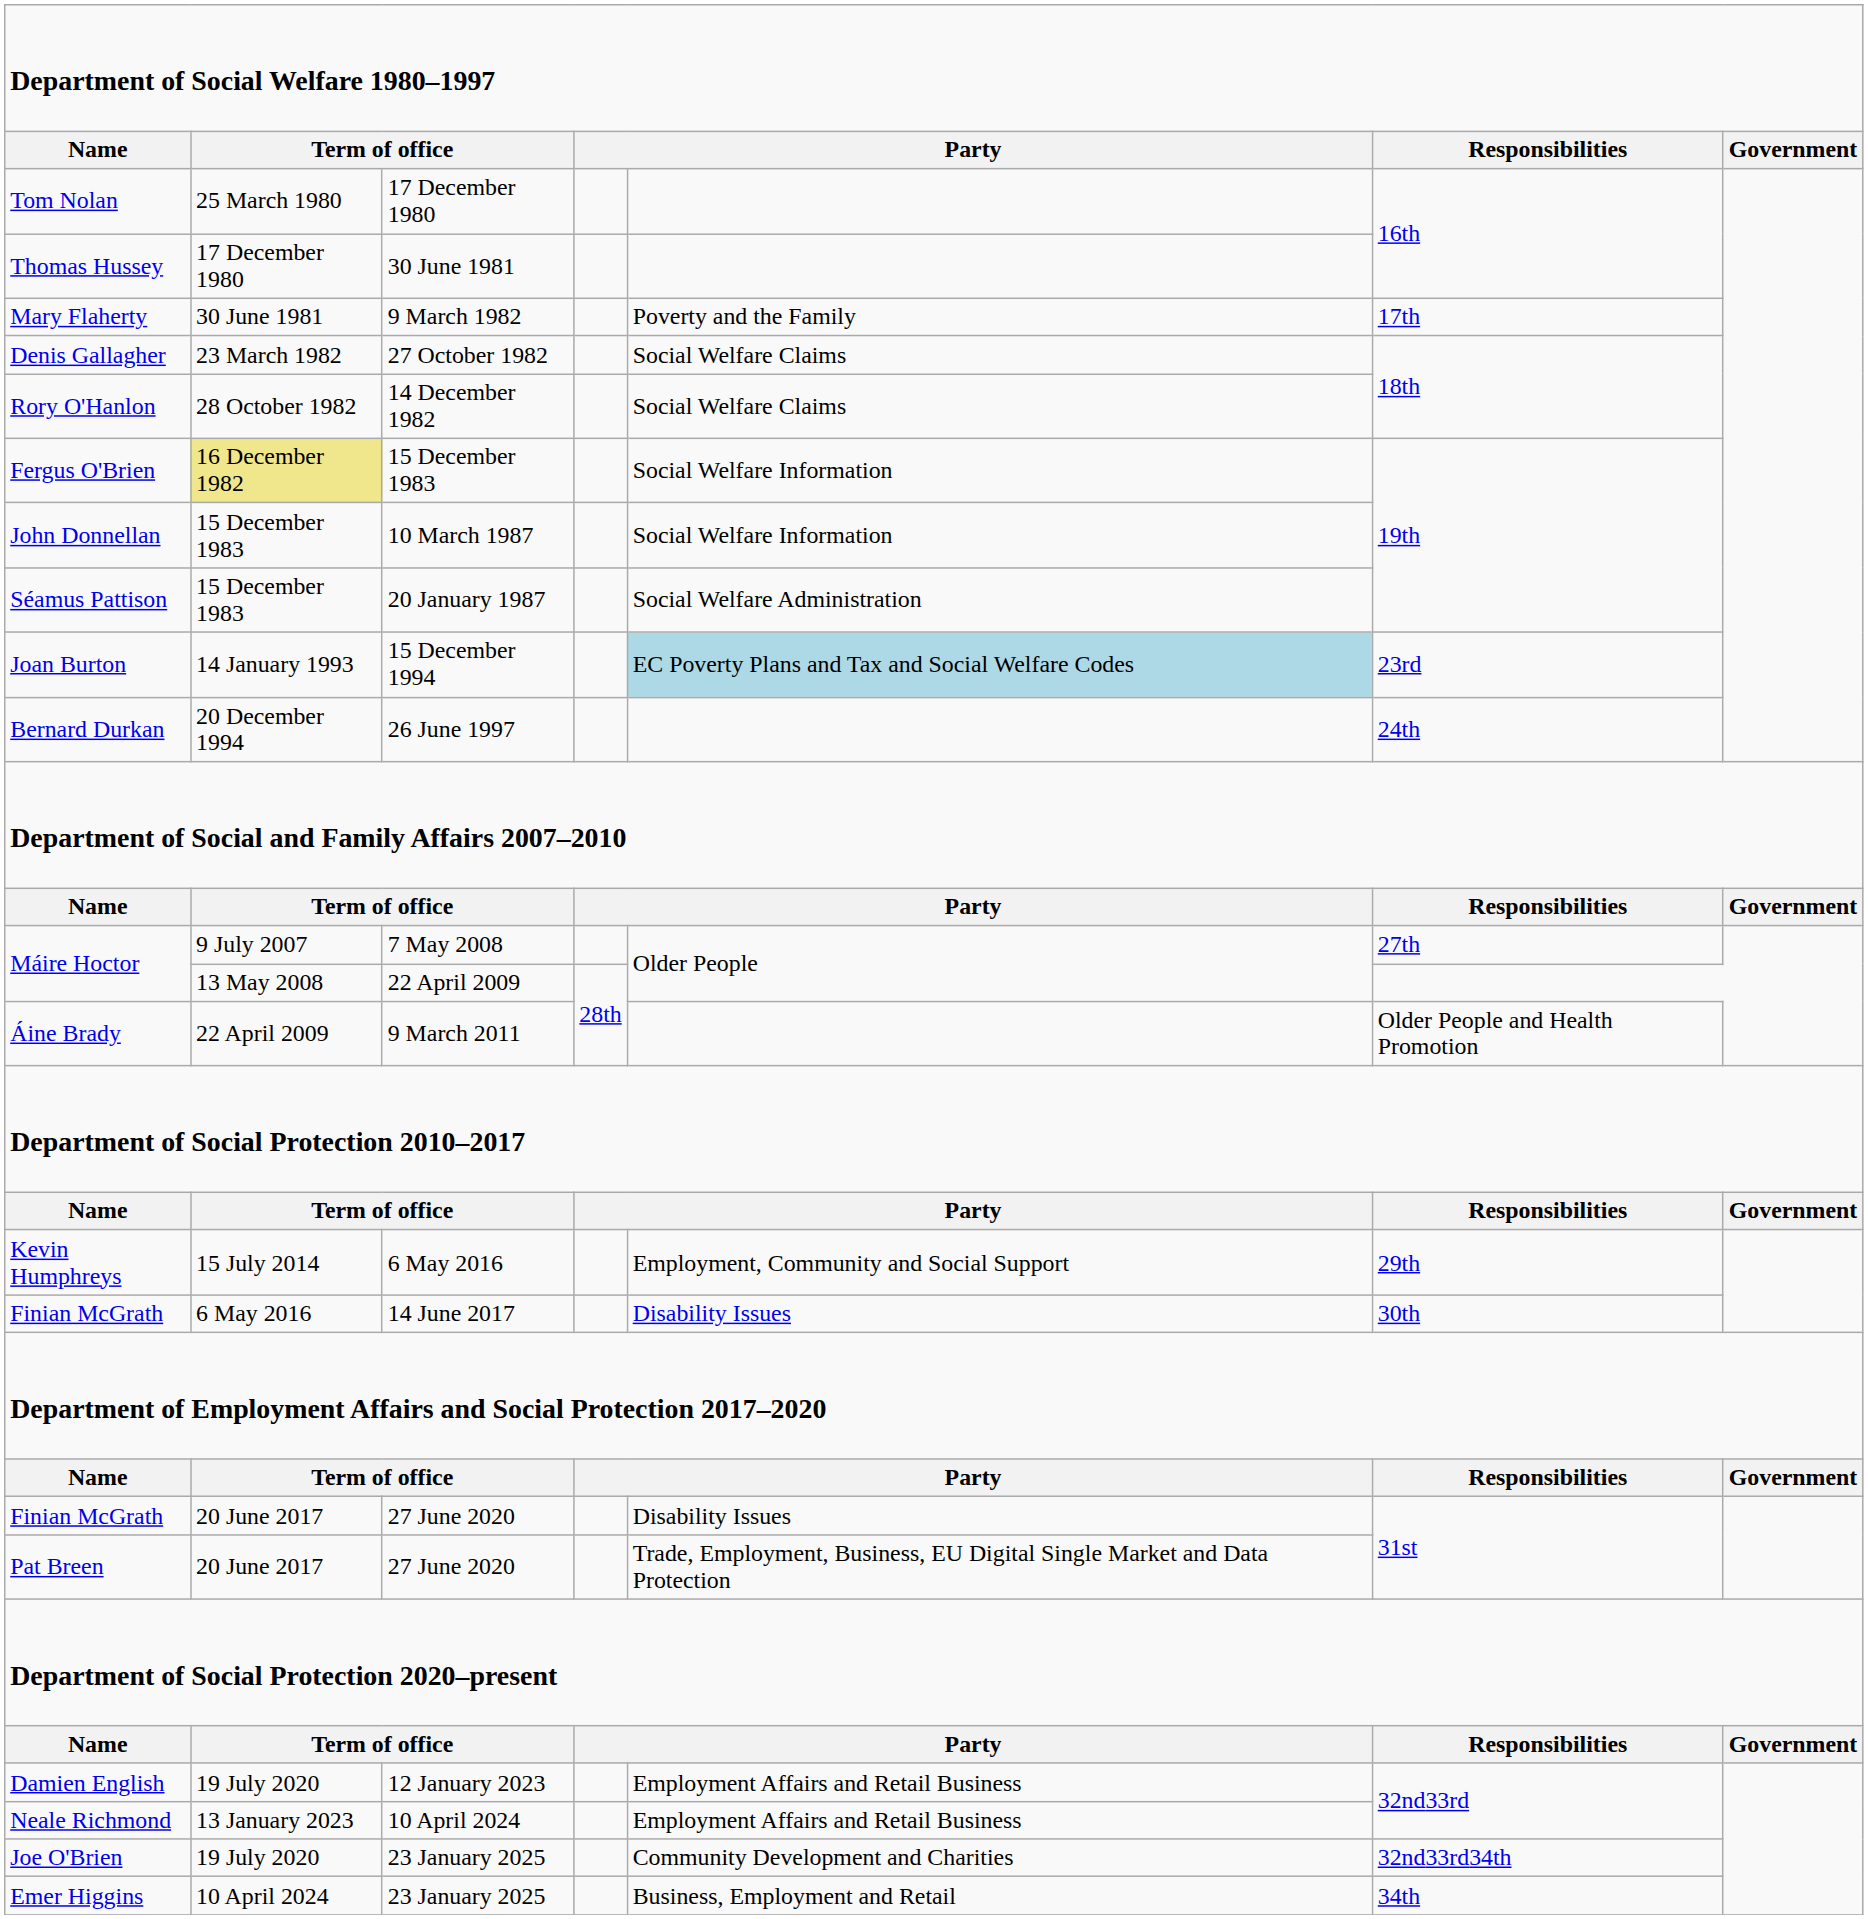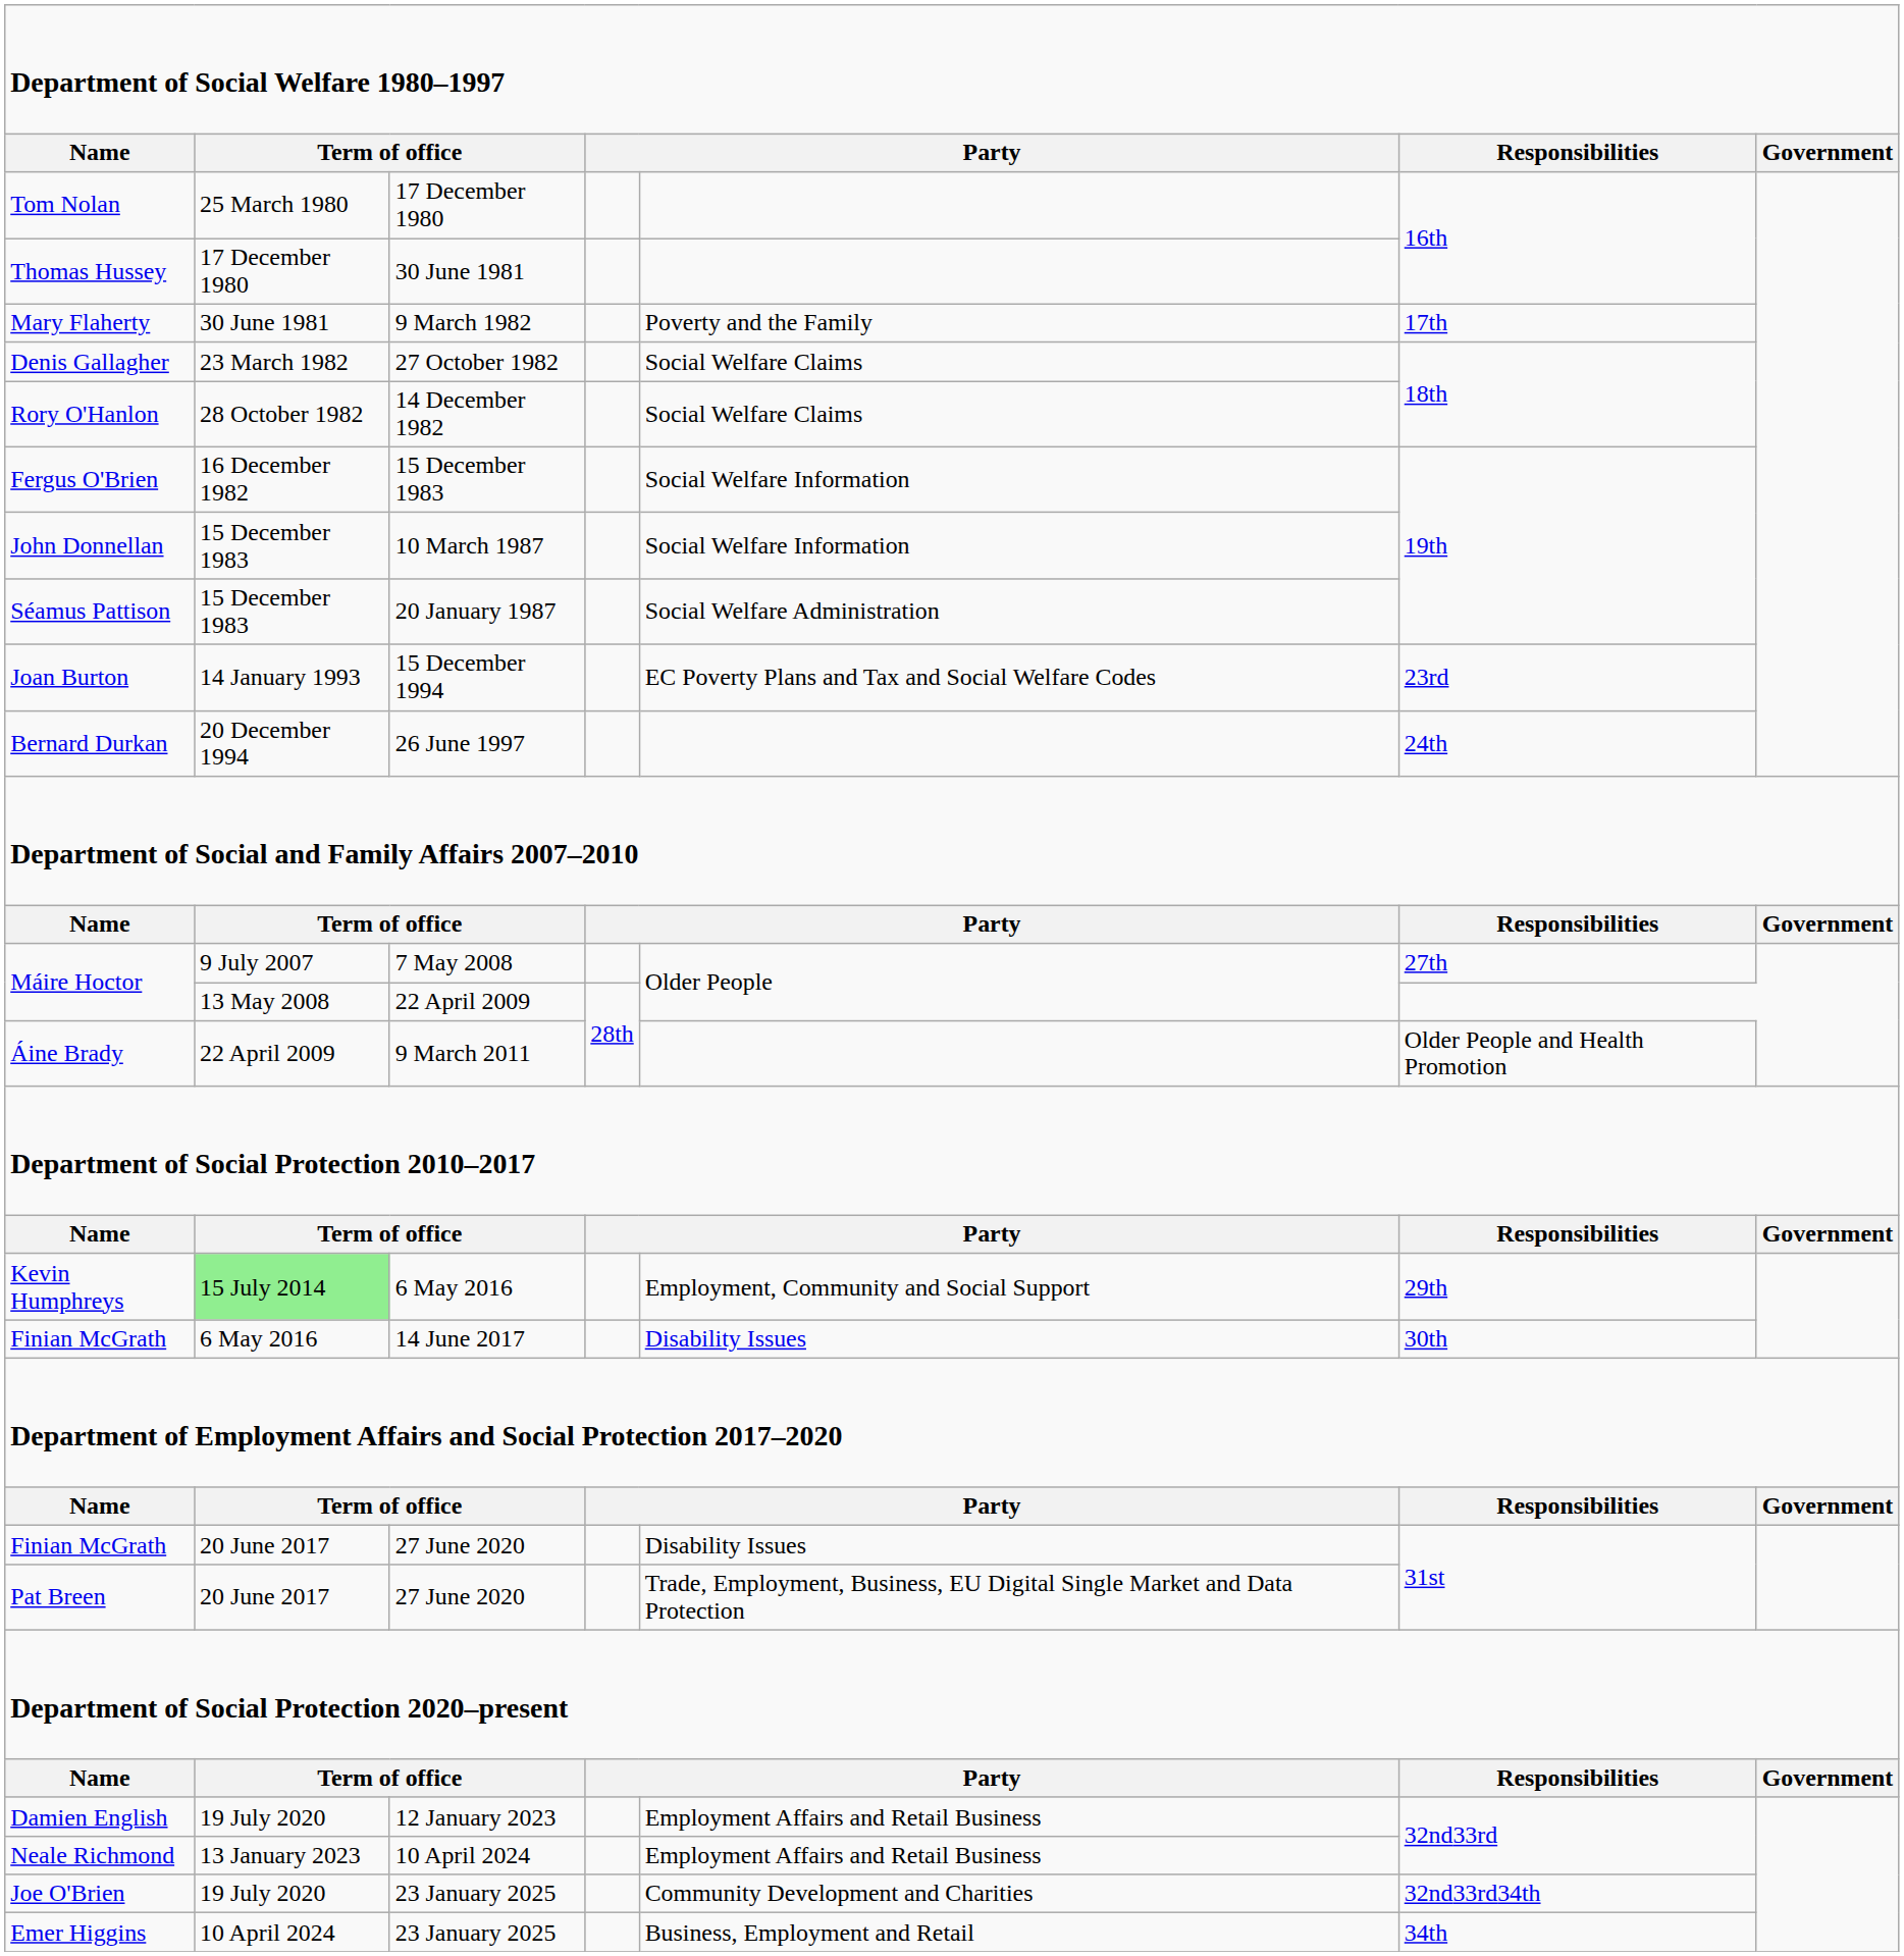 <table class="wikitable">
 <tr>
 <td colspan=7><br><h3>Department of Social Welfare 1980–1997</h3></td>
 </tr>
 <tr>
 <th>Name</th>
 <th colspan=2>Term of office</th>
 <th colspan=2>Party</th>
 <th>Responsibilities</th>
 <th>Government</th>
 </tr>
 <tr>
 <td><a href='#'>Tom Nolan</a></td>
 <td>25 March 1980</td>
 <td>17 December 1980</td>
 <td></td>
 <td></td>
 <td rowspan=2><a href='#'>16th</a></td>
 </tr>
 <tr>
 <td><a href='#'>Thomas Hussey</a></td>
 <td>17 December 1980</td>
 <td>30 June 1981</td>
 <td></td>
 <td></td>
 </tr>
 <tr>
 <td><a href='#'>Mary Flaherty</a></td>
 <td>30 June 1981</td>
 <td>9 March 1982</td>
 <td></td>
 <td>Poverty and the Family</td>
 <td><a href='#'>17th</a></td>
 </tr>
 <tr>
 <td><a href='#'>Denis Gallagher</a></td>
 <td>23 March 1982</td>
 <td>27 October 1982</td>
 <td></td>
 <td>Social Welfare Claims</td>
 <td rowspan=2><a href='#'>18th</a></td>
 </tr>
 <tr>
 <td><a href='#'>Rory O'Hanlon</a></td>
 <td>28 October 1982</td>
 <td>14 December 1982</td>
 <td></td>
 <td>Social Welfare Claims</td>
 </tr>
 <tr>
 <td><a href='#'>Fergus O'Brien</a></td>
-<td style="background: khaki;">16 December 1982</td>
+<td>16 December 1982</td>
 <td>15 December 1983</td>
 <td></td>
 <td>Social Welfare Information</td>
 <td rowspan=3><a href='#'>19th</a></td>
 </tr>
 <tr>
 <td><a href='#'>John Donnellan</a></td>
 <td>15 December 1983</td>
 <td>10 March 1987</td>
 <td></td>
 <td>Social Welfare Information</td>
 </tr>
 <tr>
 <td><a href='#'>Séamus Pattison</a></td>
 <td>15 December 1983</td>
 <td>20 January 1987</td>
 <td></td>
 <td>Social Welfare Administration</td>
 </tr>
 <tr>
 <td><a href='#'>Joan Burton</a></td>
 <td>14 January 1993</td>
 <td>15 December 1994</td>
 <td></td>
-<td style="background: lightblue;">EC Poverty Plans and Tax and Social Welfare Codes</td>
+<td>EC Poverty Plans and Tax and Social Welfare Codes</td>
 <td><a href='#'>23rd</a></td>
 </tr>
 <tr>
 <td><a href='#'>Bernard Durkan</a></td>
 <td>20 December 1994</td>
 <td>26 June 1997</td>
 <td></td>
 <td></td>
 <td><a href='#'>24th</a></td>
 </tr>
 <tr>
 <td colspan=7><br><h3>Department of Social and Family Affairs 2007–2010</h3></td>
 </tr>
 <tr>
 <th>Name</th>
 <th colspan=2>Term of office</th>
 <th colspan=2>Party</th>
 <th>Responsibilities</th>
 <th>Government</th>
 </tr>
 <tr>
 <td rowspan=2><a href='#'>Máire Hoctor</a></td>
 <td>9 July 2007</td>
 <td>7 May 2008</td>
 <td></td>
 <td rowspan=2>Older People</td>
 <td><a href='#'>27th</a></td>
 </tr>
 <tr>
 <td>13 May 2008</td>
 <td>22 April 2009</td>
 <td rowspan=2><a href='#'>28th</a></td>
 </tr>
 <tr>
 <td><a href='#'>Áine Brady</a></td>
 <td>22 April 2009</td>
 <td>9 March 2011</td>
 <td></td>
 <td>Older People and Health Promotion</td>
 </tr>
 <tr>
 <td colspan=7><br><h3>Department of Social Protection 2010–2017</h3></td>
 </tr>
 <tr>
 <th>Name</th>
 <th colspan=2>Term of office</th>
 <th colspan=2>Party</th>
 <th>Responsibilities</th>
 <th>Government</th>
 </tr>
 <tr>
 <td><a href='#'>Kevin Humphreys</a></td>
-<td>15 July 2014</td>
+<td style="background: lightgreen;">15 July 2014</td>
 <td>6 May 2016</td>
 <td></td>
 <td>Employment, Community and Social Support</td>
 <td><a href='#'>29th</a></td>
 </tr>
 <tr>
 <td><a href='#'>Finian McGrath</a></td>
 <td>6 May 2016</td>
 <td>14 June 2017</td>
 <td></td>
 <td><a href='#'>Disability Issues</a></td>
 <td><a href='#'>30th</a></td>
 </tr>
 <tr>
 <td colspan=7><br><h3>Department of Employment Affairs and Social Protection 2017–2020</h3></td>
 </tr>
 <tr>
 <th>Name</th>
 <th colspan=2>Term of office</th>
 <th colspan=2>Party</th>
 <th>Responsibilities</th>
 <th>Government</th>
 </tr>
 <tr>
 <td><a href='#'>Finian McGrath</a></td>
 <td>20 June 2017</td>
 <td>27 June 2020</td>
 <td></td>
 <td>Disability Issues</td>
 <td rowspan=2><a href='#'>31st</a></td>
 </tr>
 <tr>
 <td><a href='#'>Pat Breen</a></td>
 <td>20 June 2017</td>
 <td>27 June 2020</td>
 <td></td>
 <td>Trade, Employment, Business, EU Digital Single Market and Data Protection</td>
 </tr>
 <tr>
 <td colspan=7><br><h3>Department of Social Protection 2020–present</h3></td>
 </tr>
 <tr>
 <th>Name</th>
 <th colspan=2>Term of office</th>
 <th colspan=2>Party</th>
 <th>Responsibilities</th>
 <th>Government</th>
 </tr>
 <tr>
 <td><a href='#'>Damien English</a></td>
 <td>19 July 2020</td>
 <td>12 January 2023</td>
 <td></td>
 <td>Employment Affairs and Retail Business</td>
 <td rowspan=2><a href='#'>32nd</a><a href='#'>33rd</a></td>
 </tr>
 <tr>
 <td><a href='#'>Neale Richmond</a></td>
 <td>13 January 2023</td>
 <td>10 April 2024</td>
 <td></td>
 <td>Employment Affairs and Retail Business</td>
 </tr>
 <tr>
 <td><a href='#'>Joe O'Brien</a></td>
 <td>19 July 2020</td>
 <td>23 January 2025</td>
 <td></td>
 <td>Community Development and Charities</td>
 <td><a href='#'>32nd</a><a href='#'>33rd</a><a href='#'>34th</a></td>
 </tr>
 <tr>
 <td><a href='#'>Emer Higgins</a></td>
 <td>10 April 2024</td>
 <td>23 January 2025</td>
 <td></td>
 <td>Business, Employment and Retail</td>
 <td><a href='#'>34th</a></td>
 </tr>
 </table>
